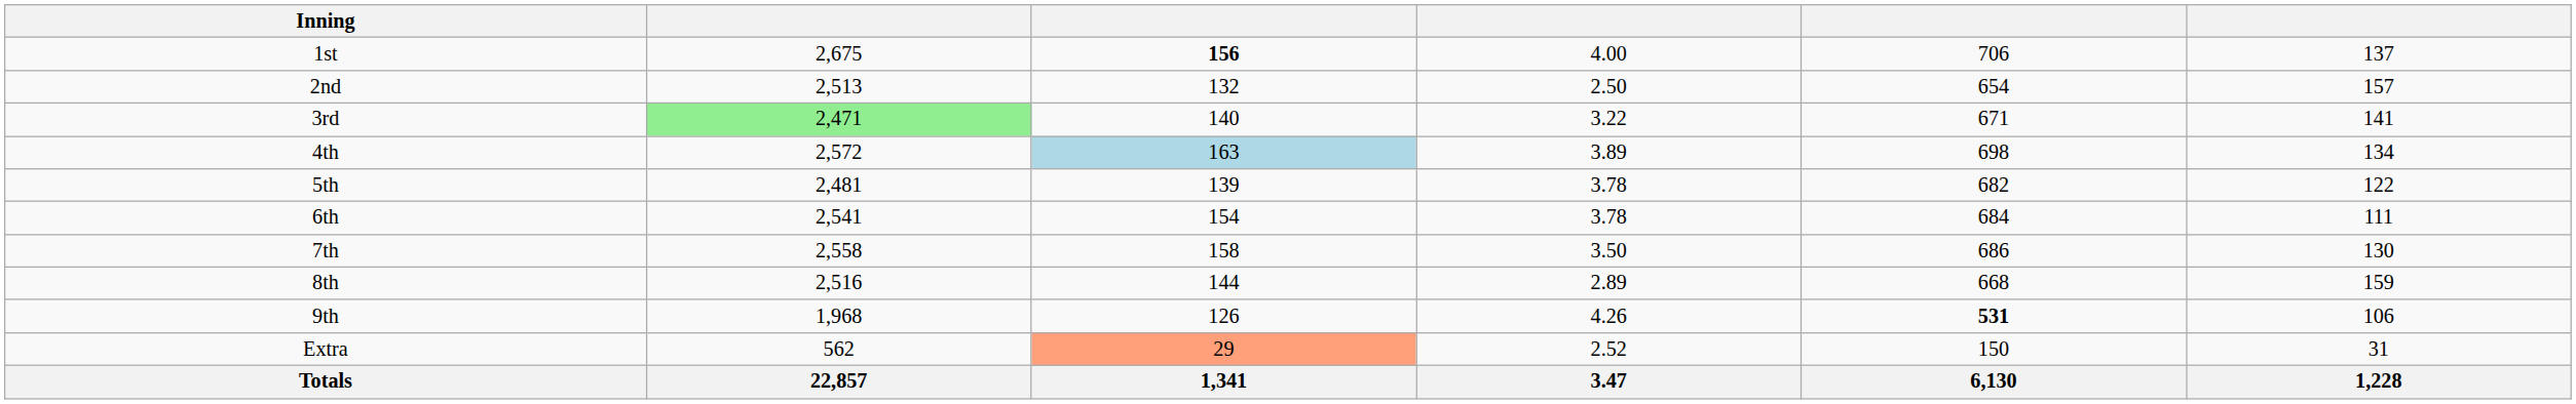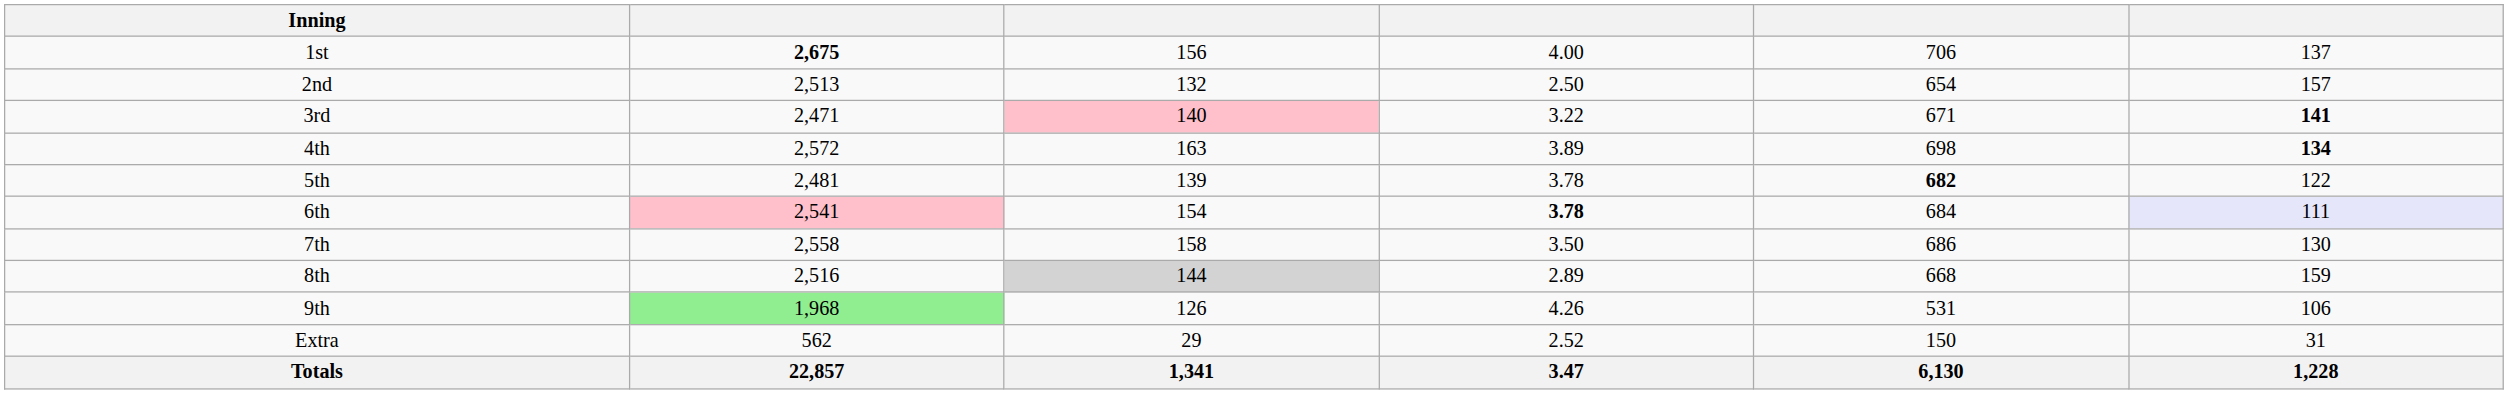 <table class="wikitable sortable" style="width:100%;text-align:center;">
 <tr>
 <th width="25%">Inning</th>
 <th width="15%" data-sort-type="number"></th>
 <th width="15%"></th>
 <th width="15%"></th>
 <th width="15%"></th>
 <th width="15%"></th>
 </tr>
 <tr>
 <td>1st</td>
-<td>2,675</td>
-<td><strong>156</strong></td>
+<td><strong>2,675</strong></td>
+<td>156</td>
 <td>4.00</td>
 <td>706</td>
 <td>137</td>
 </tr>
 <tr>
 <td>2nd</td>
 <td>2,513</td>
 <td>132</td>
 <td>2.50</td>
 <td>654</td>
 <td>157</td>
 </tr>
 <tr>
 <td>3rd</td>
-<td style="background: lightgreen;">2,471</td>
-<td>140</td>
+<td>2,471</td>
+<td style="background: pink;">140</td>
 <td>3.22</td>
 <td>671</td>
-<td>141</td>
+<td><strong>141</strong></td>
 </tr>
 <tr>
 <td>4th</td>
 <td>2,572</td>
-<td style="background: lightblue;">163</td>
+<td>163</td>
 <td>3.89</td>
 <td>698</td>
-<td>134</td>
+<td><strong>134</strong></td>
 </tr>
 <tr>
 <td>5th</td>
 <td>2,481</td>
 <td>139</td>
 <td>3.78</td>
-<td>682</td>
+<td><strong>682</strong></td>
 <td>122</td>
 </tr>
 <tr>
 <td>6th</td>
-<td>2,541</td>
+<td style="background: pink;">2,541</td>
 <td>154</td>
-<td>3.78</td>
+<td><strong>3.78</strong></td>
 <td>684</td>
-<td>111</td>
+<td style="background: lavender;">111</td>
 </tr>
 <tr>
 <td>7th</td>
 <td>2,558</td>
 <td>158</td>
 <td>3.50</td>
 <td>686</td>
 <td>130</td>
 </tr>
 <tr>
 <td>8th</td>
 <td>2,516</td>
-<td>144</td>
+<td style="background: lightgrey;">144</td>
 <td>2.89</td>
 <td>668</td>
 <td>159</td>
 </tr>
 <tr>
 <td>9th</td>
-<td>1,968</td>
+<td style="background: lightgreen;">1,968</td>
 <td>126</td>
 <td>4.26</td>
-<td><strong>531</strong></td>
+<td>531</td>
 <td>106</td>
 </tr>
 <tr>
 <td>Extra</td>
 <td>562</td>
-<td style="background: lightsalmon;">29</td>
+<td>29</td>
 <td>2.52</td>
 <td>150</td>
 <td>31</td>
 </tr>
 <tr>
 <th>Totals</th>
 <th>22,857</th>
 <th>1,341</th>
 <th>3.47</th>
 <th>6,130</th>
 <th>1,228</th>
 </tr>
 </table>
